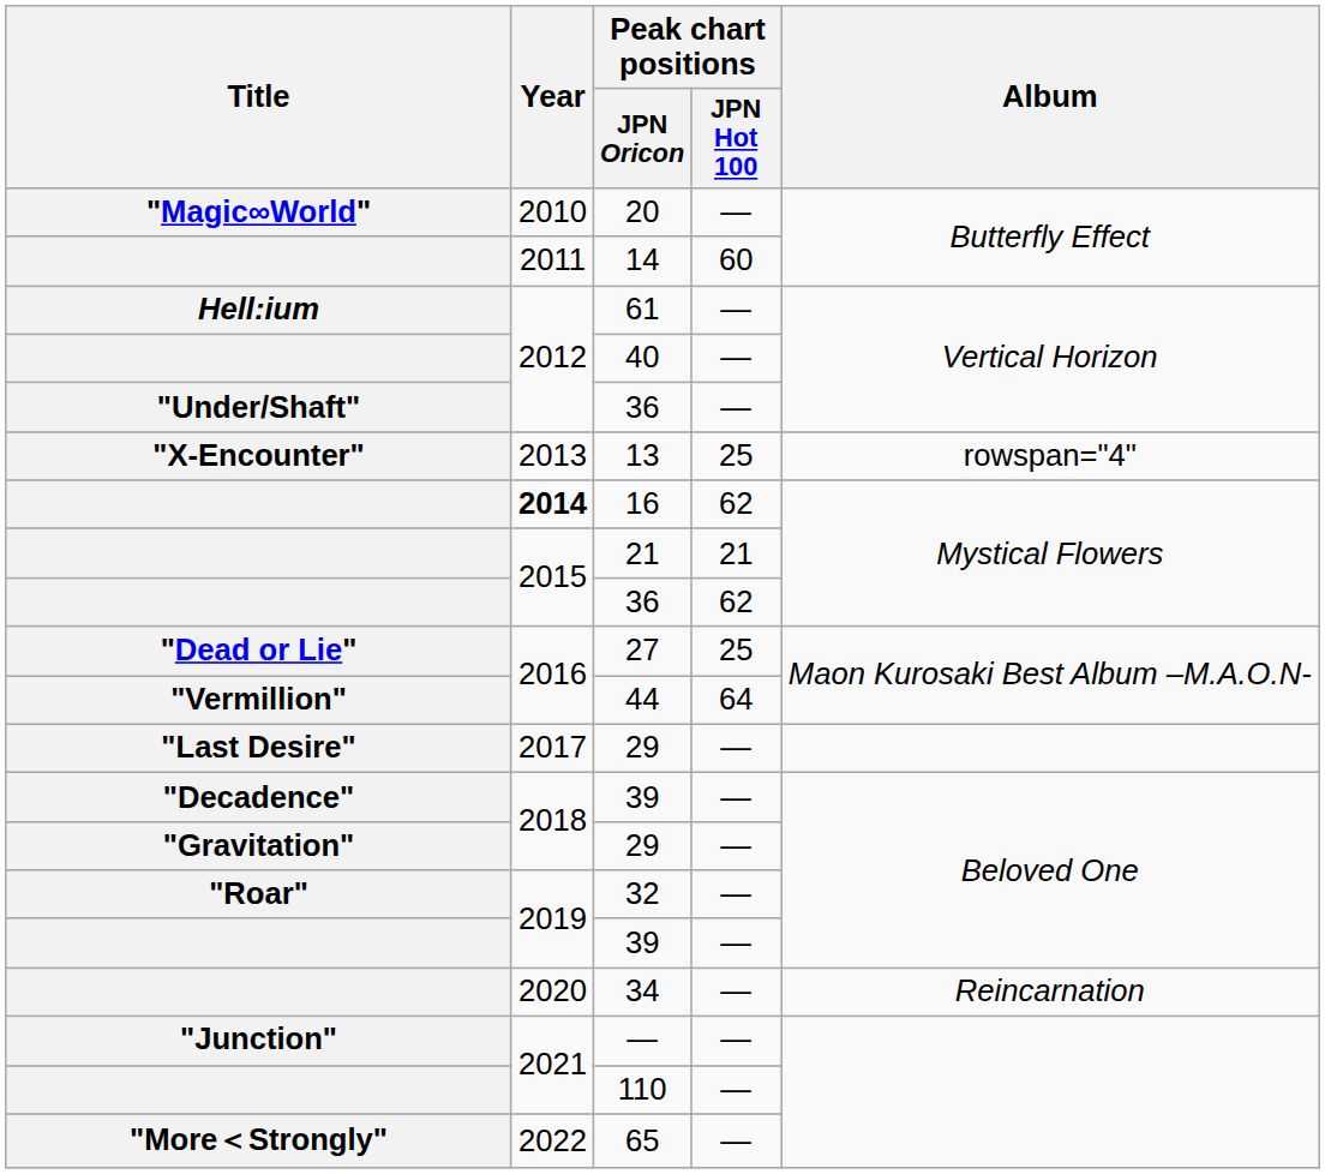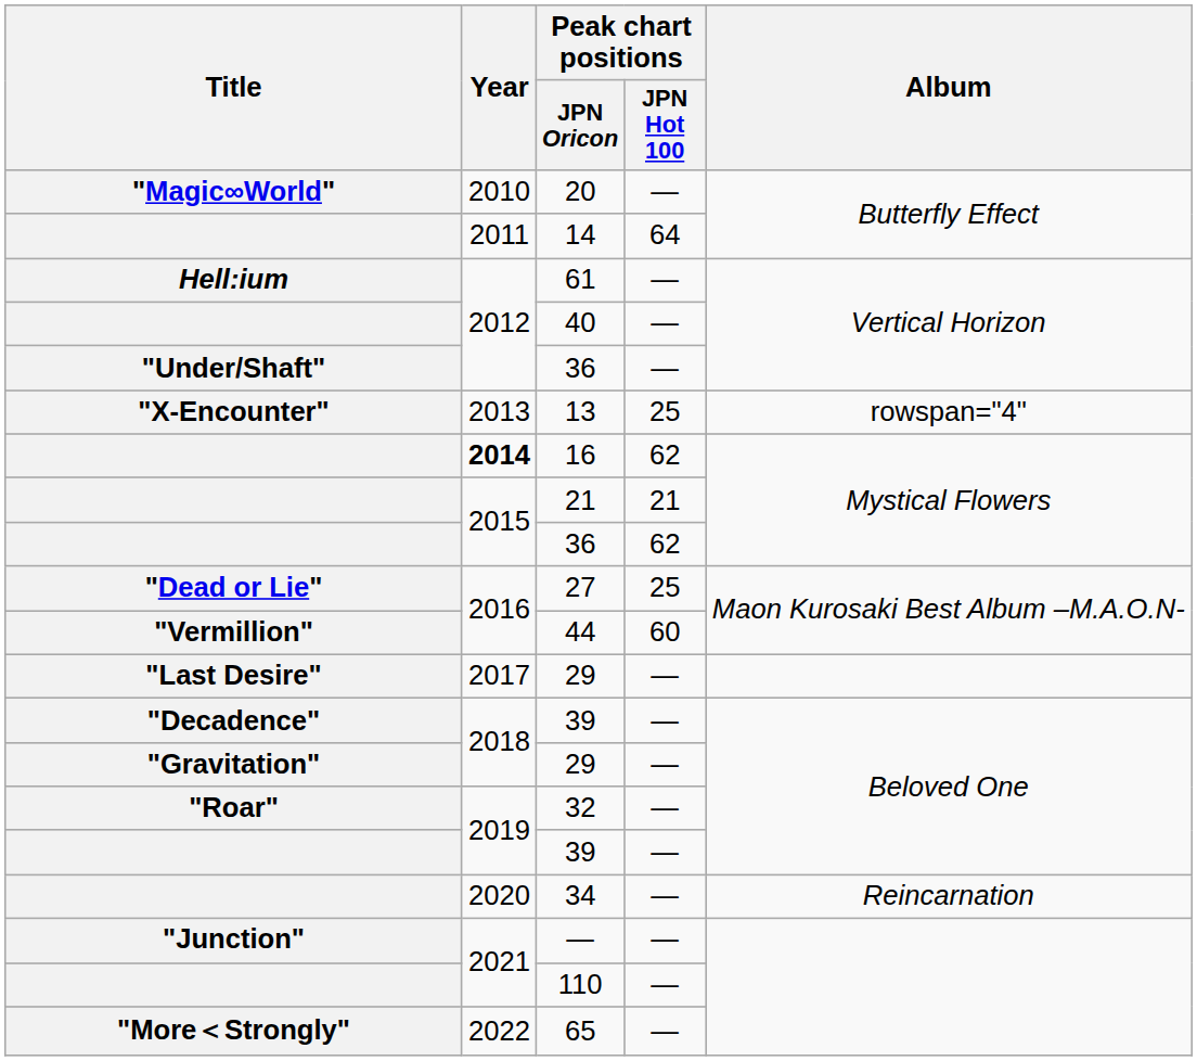 <table class="wikitable plainrowheaders" style="text-align:center;">
 <tr>
 <th scope="col" rowspan="2" style="width:16em;">Title</th>
 <th scope="col" rowspan="2">Year</th>
 <th scope="col" colspan="2">Peak chart positions</th>
 <th scope="col" rowspan="2">Album</th>
 </tr>
 <tr>
 <th style="width:3em;font-size:85%">JPN <em>Oricon</em><br></th>
 <th style="width:3em;font-size:85%">JPN <a href='#'>Hot 100</a><br></th>
 </tr>
 <tr>
 <th scope="row">"<a href='#'>Magic∞World</a>"</th>
 <td>2010</td>
 <td>20</td>
 <td>—</td>
 <td rowspan=2><em>Butterfly Effect</em></td>
 </tr>
 <tr>
 <th scope="row"></th>
 <td>2011</td>
 <td>14</td>
-<td>60</td>
+<td>64</td>
 </tr>
 <tr>
 <th scope="row"><em>Hell:ium</em></th>
 <td rowspan=3>2012</td>
 <td>61</td>
 <td>—</td>
 <td rowspan=3><em>Vertical Horizon</em></td>
 </tr>
 <tr>
 <th scope="row"></th>
 <td>40</td>
 <td>—</td>
 </tr>
 <tr>
 <th scope="row">"Under/Shaft"</th>
 <td>36</td>
 <td>—</td>
 </tr>
 <tr>
 <th scope="row">"X-Encounter"</th>
 <td>2013</td>
 <td>13</td>
 <td>25</td>
 <td>rowspan="4" </td>
 </tr>
 <tr>
 <th scope="row"></th>
 <td><strong>2014</strong></td>
 <td>16</td>
 <td>62</td>
 <td rowspan="3"><em>Mystical Flowers</em></td>
 </tr>
 <tr>
 <th scope="row"></th>
 <td rowspan="2">2015</td>
 <td>21</td>
 <td>21</td>
 </tr>
 <tr>
 <th scope="row"></th>
 <td>36</td>
 <td>62</td>
 </tr>
 <tr>
 <th scope="row">"<a href='#'>Dead or Lie</a>"</th>
 <td rowspan="2">2016</td>
 <td>27</td>
 <td>25</td>
 <td rowspan="2"><em>Maon Kurosaki Best Album –M.A.O.N-</em></td>
 </tr>
 <tr>
 <th scope="row">"Vermillion"</th>
 <td>44</td>
-<td>64</td>
+<td>60</td>
 </tr>
 <tr>
 <th scope="row">"Last Desire"</th>
 <td>2017</td>
 <td>29</td>
 <td>—</td>
 <td></td>
 </tr>
 <tr>
 <th scope="row">"Decadence"</th>
 <td rowspan="2">2018</td>
 <td>39</td>
 <td>—</td>
 <td rowspan="4"><em>Beloved One</em></td>
 </tr>
 <tr>
 <th scope="row">"Gravitation"</th>
 <td>29</td>
 <td>—</td>
 </tr>
 <tr>
 <th scope="row">"Roar"</th>
 <td rowspan="2">2019</td>
 <td>32</td>
 <td>—</td>
 </tr>
 <tr>
 <th scope="row"></th>
 <td>39</td>
 <td>—</td>
 </tr>
 <tr>
 <th scope="row"></th>
 <td>2020</td>
 <td>34</td>
 <td>—</td>
 <td><em>Reincarnation</em></td>
 </tr>
 <tr>
 <th scope="row">"Junction"</th>
 <td rowspan="2">2021</td>
 <td>—</td>
 <td>—</td>
 </tr>
 <tr>
 <th scope="row"></th>
 <td>110</td>
 <td>—</td>
 </tr>
 <tr>
 <th scope="row">"More＜Strongly"</th>
 <td rowspan="1">2022</td>
 <td>65</td>
 <td>—</td>
 </tr>
 </table>
